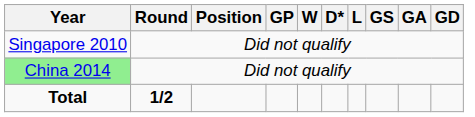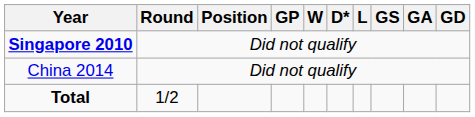 <table class="wikitable" style="text-align: center;">
 <tr>
 <th>Year</th>
 <th>Round</th>
 <th>Position</th>
 <th>GP</th>
 <th>W</th>
 <th>D*</th>
 <th>L</th>
 <th>GS</th>
 <th>GA</th>
 <th>GD</th>
 </tr>
 <tr>
-<td><a href='#'>Singapore 2010</a></td>
+<td><strong><a href='#'>Singapore 2010</a></strong></td>
 <td colspan="9"><em>Did not qualify</em></td>
 </tr>
 <tr>
-<td style="background: lightgreen;"><a href='#'>China 2014</a></td>
+<td><a href='#'>China 2014</a></td>
 <td colspan="9"><em>Did not qualify</em></td>
 </tr>
 <tr>
 <td><strong>Total</strong></td>
-<td><strong>1/2</strong></td>
+<td>1/2</td>
 <td><strong> </strong></td>
 <td><strong> </strong></td>
 <td><strong> </strong></td>
 <td><strong> </strong></td>
 <td><strong> </strong></td>
 <td><strong> </strong></td>
 <td><strong> </strong></td>
 <td><strong> </strong></td>
 </tr>
 </table>
